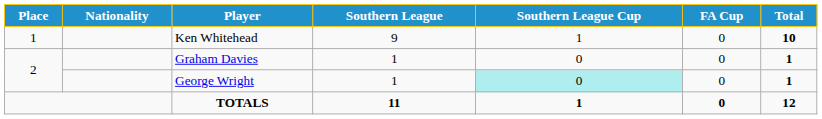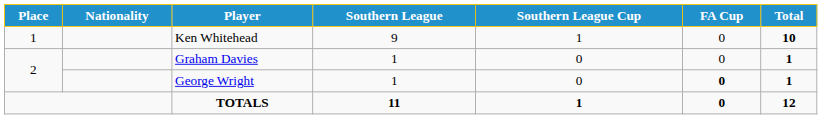 <table class="wikitable" style="text-align:center; font-size:90%; width:100%;">
 <tr>
 <th style="background:#2191CC; color:white; border:1px solid #F7C408; text-align:center;">Place</th>
 <th style="background:#2191CC; color:white; border:1px solid #F7C408; text-align:center;">Nationality</th>
 <th style="background:#2191CC; color:white; border:1px solid #F7C408; text-align:center;">Player</th>
 <th style="background:#2191CC; color:white; border:1px solid #F7C408; text-align:center;">Southern League</th>
 <th style="background:#2191CC; color:white; border:1px solid #F7C408; text-align:center;">Southern League Cup</th>
 <th style="background:#2191CC; color:white; border:1px solid #F7C408; text-align:center;">FA Cup</th>
 <th style="background:#2191CC; color:white; border:1px solid #F7C408; text-align:center;">Total</th>
 </tr>
 <tr>
 <td>1</td>
 <td></td>
 <td align="left">Ken Whitehead</td>
 <td>9</td>
 <td>1</td>
 <td>0</td>
 <td><strong>10</strong></td>
 </tr>
 <tr>
 <td rowspan="2">2</td>
 <td></td>
 <td align="left"><a href='#'>Graham Davies</a></td>
 <td>1</td>
 <td>0</td>
 <td>0</td>
 <td><strong>1</strong></td>
 </tr>
 <tr>
 <td></td>
 <td align="left"><a href='#'>George Wright</a></td>
 <td>1</td>
-<td style="background: paleturquoise;">0</td>
 <td>0</td>
+<td><strong>0</strong></td>
 <td><strong>1</strong></td>
 </tr>
 <tr>
 <td colspan="2"></td>
 <td><strong>TOTALS</strong></td>
 <td><strong>11</strong></td>
 <td><strong>1</strong></td>
 <td><strong>0</strong></td>
 <td><strong>12</strong></td>
 </tr>
 </table>
